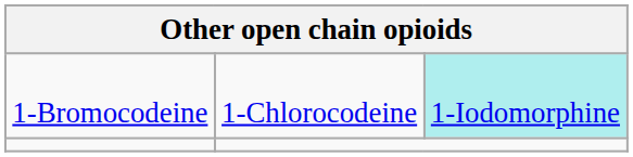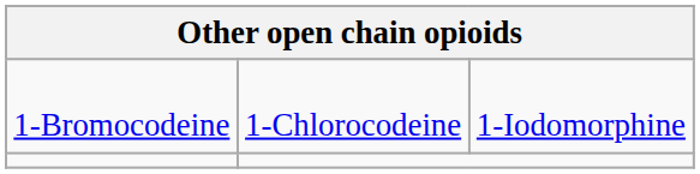 <table class="wikitable" style="font-size:smaller; text-align:center">
 <tr>
 <th colspan="5">Other open chain opioids</th>
 </tr>
 <tr>
 <td><br><a href='#'>1-Bromocodeine</a></td>
 <td><br><a href='#'>1-Chlorocodeine</a></td>
-<td style="background: paleturquoise;"><br><a href='#'>1-Iodomorphine</a></td>
+<td><br><a href='#'>1-Iodomorphine</a></td>
 </tr>
 <tr>
 <td></td>
 </tr>
 </table>
